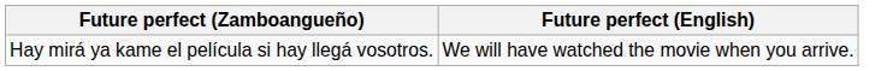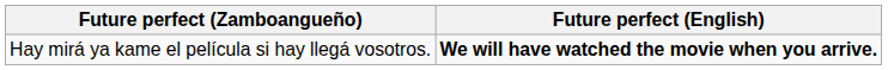 <table class="wikitable">
 <tr>
 <th>Future perfect (Zamboangueño)</th>
 <th>Future perfect (English)</th>
 </tr>
 <tr>
 <td>Hay mirá ya kame el película si hay llegá vosotros.</td>
-<td>We will have watched the movie when you arrive.</td>
+<td><strong>We will have watched the movie when you arrive.</strong></td>
 </tr>
 </table>
